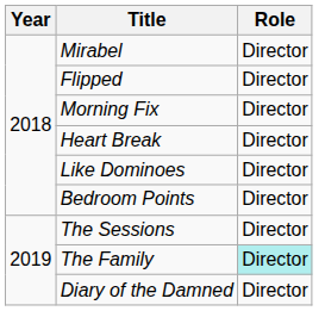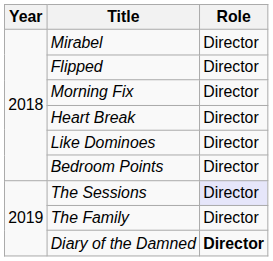 <table class="wikitable">
 <tr>
 <th>Year</th>
 <th>Title</th>
 <th>Role</th>
 </tr>
 <tr>
 <td rowspan="6">2018</td>
 <td><em>Mirabel</em></td>
 <td>Director</td>
 </tr>
 <tr>
 <td><em>Flipped</em></td>
 <td>Director</td>
 </tr>
 <tr>
 <td><em>Morning Fix</em></td>
 <td>Director</td>
 </tr>
 <tr>
 <td><em>Heart Break</em></td>
 <td>Director</td>
 </tr>
 <tr>
 <td><em>Like Dominoes</em></td>
 <td>Director</td>
 </tr>
 <tr>
 <td><em>Bedroom Points</em></td>
 <td>Director</td>
 </tr>
 <tr>
 <td rowspan="3">2019</td>
 <td><em>The Sessions</em></td>
+<td style="background: lavender;">Director</td>
+</tr>
+<tr>
+<td><em>The Family</em></td>
 <td>Director</td>
 </tr>
 <tr>
-<td><em>The Family</em></td>
-<td style="background: paleturquoise;">Director</td>
-</tr>
-<tr>
 <td><em>Diary of the Damned</em></td>
-<td>Director</td>
+<td><strong>Director</strong></td>
 </tr>
 </table>
